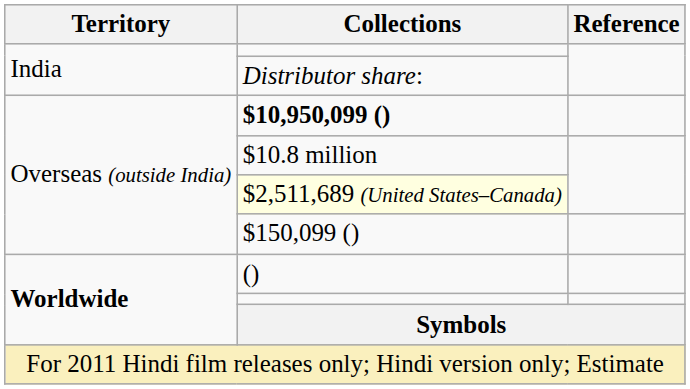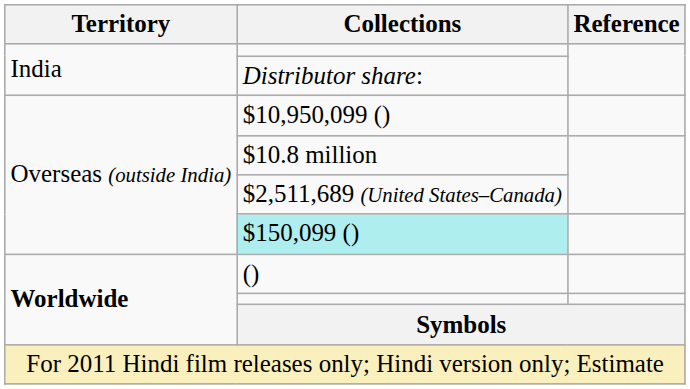 <table class="wikitable">
 <tr>
 <th>Territory</th>
 <th>Collections</th>
 <th>Reference</th>
 </tr>
 <tr>
 <td rowspan="2">India</td>
 <td></td>
 <td rowspan="2"></td>
 </tr>
 <tr>
 <td><em>Distributor share</em>:<br></td>
 </tr>
 <tr>
 <td rowspan="4">Overseas <small><em>(outside India)</em></small></td>
-<td><strong>$10,950,099 ()</strong></td>
+<td>$10,950,099 ()</td>
 <td></td>
 </tr>
 <tr>
 <td>$10.8 million </td>
 <td rowspan="2"></td>
 </tr>
 <tr>
-<td style="background: lightyellow;">$2,511,689 <small><em>(United States–Canada)</em></small></td>
+<td>$2,511,689 <small><em>(United States–Canada)</em></small></td>
 </tr>
 <tr>
-<td>$150,099 () </td>
+<td style="background: paleturquoise;">$150,099 () </td>
 <td></td>
 </tr>
 <tr>
 <td rowspan="3"><strong>Worldwide</strong></td>
 <td> ()</td>
 <td></td>
 </tr>
 <tr>
 <td>  </td>
 <td></td>
 </tr>
 <tr>
 <th colspan="2">Symbols</th>
 </tr>
 <tr style="background: #FAF0BE;">
 <td colspan="3" style="text-align:center;"> For 2011 Hindi film releases only;  Hindi version only;  Estimate</td>
 </tr>
 </table>
